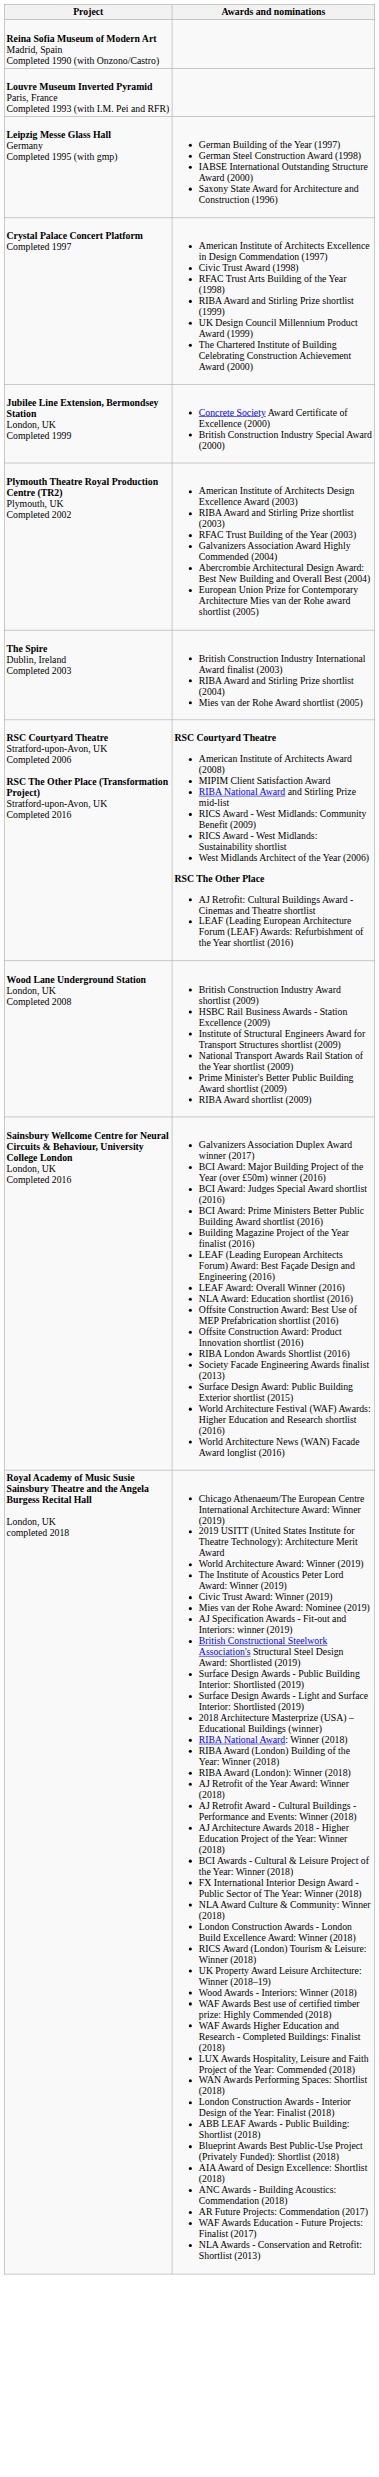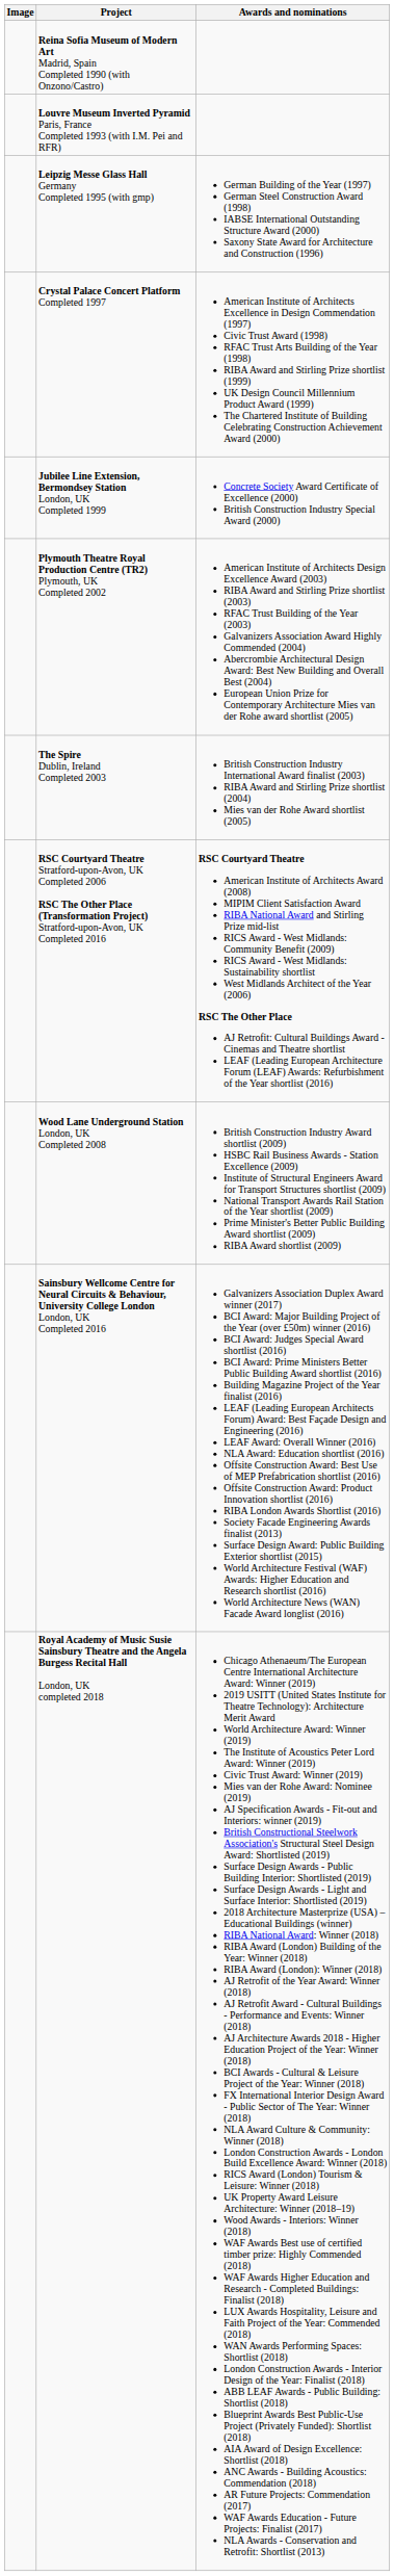 <table class=wikitable>
 <tr>
+<th>Image</th>
 <th>Project</th>
 <th>Awards and nominations</th>
 </tr>
 <tr valign=top>
+<td><br></td>
 <td><br><strong>Reina Sofia Museum of Modern Art</strong><br> Madrid, Spain<br> Completed 1990 (with Onzono/Castro)</td>
 <td></td>
 </tr>
 <tr valign=top>
+<td><br></td>
 <td><br><strong>Louvre Museum Inverted Pyramid</strong><br> Paris, France<br> Completed 1993 (with I.M. Pei and RFR)</td>
 <td></td>
 </tr>
 <tr valign=top>
+<td><br></td>
 <td><br><strong>Leipzig Messe Glass Hall</strong><br> Germany<br> Completed 1995 (with gmp)</td>
 <td><br><ul><li>German Building of the Year (1997)</li><li>German Steel Construction Award (1998)</li><li>IABSE International Outstanding Structure Award (2000)</li><li>Saxony State Award for Architecture and Construction (1996)</li></ul></td>
 </tr>
 <tr valign=top>
+<td><br></td>
 <td><br><strong>Crystal Palace Concert Platform</strong><br> Completed 1997</td>
 <td><br><ul><li>American Institute of Architects Excellence in Design Commendation (1997)</li><li>Civic Trust Award (1998)</li><li>RFAC Trust Arts Building of the Year (1998)</li><li>RIBA Award and Stirling Prize shortlist (1999)</li><li>UK Design Council Millennium Product Award (1999)</li><li>The Chartered Institute of Building Celebrating Construction Achievement Award (2000)</li></ul></td>
 </tr>
 <tr valign=top>
+<td></td>
 <td><br><strong>Jubilee Line Extension, Bermondsey Station</strong><br> London, UK<br> Completed 1999</td>
 <td><br><ul><li><a href='#'>Concrete Society</a> Award Certificate of Excellence (2000)</li><li>British Construction Industry Special Award (2000)</li></ul></td>
 </tr>
 <tr valign=top>
+<td></td>
 <td><br><strong>Plymouth Theatre Royal Production Centre (TR2)</strong><br> Plymouth, UK<br> Completed 2002</td>
 <td><br><ul><li>American Institute of Architects Design Excellence Award (2003)</li><li>RIBA Award and Stirling Prize shortlist (2003)</li><li>RFAC Trust Building of the Year (2003)</li><li>Galvanizers Association Award Highly Commended (2004)</li><li>Abercrombie Architectural Design Award: Best New Building and Overall Best (2004)</li><li>European Union Prize for Contemporary Architecture Mies van der Rohe award shortlist (2005)</li></ul></td>
 </tr>
 <tr valign=top>
+<td><br></td>
 <td><br><strong>The Spire</strong><br> Dublin, Ireland<br> Completed 2003</td>
 <td><br><ul><li>British Construction Industry International Award finalist (2003)</li><li>RIBA Award and Stirling Prize shortlist (2004)</li><li>Mies van der Rohe Award shortlist (2005)</li></ul></td>
 </tr>
 <tr valign=top>
+<td></td>
 <td><br><strong>RSC Courtyard Theatre</strong><br> Stratford-upon-Avon, UK<br> Completed 2006<br> <br> <strong>RSC The Other Place (Transformation Project)</strong><br> Stratford-upon-Avon, UK<br> Completed 2016</td>
 <td><br><strong>RSC Courtyard Theatre</strong><ul><li>American Institute of Architects Award (2008)</li><li>MIPIM Client Satisfaction Award</li><li><a href='#'>RIBA National Award</a> and Stirling Prize mid-list</li><li>RICS Award - West Midlands: Community Benefit (2009)</li><li>RICS Award - West Midlands: Sustainability shortlist</li><li>West Midlands Architect of the Year (2006)</li></ul><strong>RSC The Other Place</strong><ul><li>AJ Retrofit: Cultural Buildings Award - Cinemas and Theatre shortlist</li><li>LEAF (Leading European Architecture Forum (LEAF) Awards: Refurbishment of the Year shortlist (2016)</li></ul></td>
 </tr>
 <tr valign=top>
+<td><br></td>
 <td><br><strong>Wood Lane Underground Station</strong><br> London, UK<br> Completed 2008</td>
 <td><br><ul><li>British Construction Industry Award shortlist (2009)</li><li>HSBC Rail Business Awards - Station Excellence (2009)</li><li>Institute of Structural Engineers Award for Transport Structures shortlist (2009)</li><li>National Transport Awards Rail Station of the Year shortlist (2009)</li><li>Prime Minister's Better Public Building Award shortlist (2009)</li><li>RIBA Award shortlist (2009)</li></ul></td>
 </tr>
 <tr valign=top>
+<td><br></td>
 <td><br><strong>Sainsbury Wellcome Centre for Neural Circuits & Behaviour, University College London</strong><br> London, UK<br> Completed 2016</td>
 <td><br><ul><li>Galvanizers Association Duplex Award winner (2017)</li><li>BCI Award: Major Building Project of the Year (over £50m) winner (2016)</li><li>BCI Award: Judges Special Award shortlist (2016)</li><li>BCI Award: Prime Ministers Better Public Building Award shortlist (2016)</li><li>Building Magazine Project of the Year finalist (2016)</li><li>LEAF (Leading European Architects Forum) Award: Best Façade Design and Engineering (2016)</li><li>LEAF Award: Overall Winner (2016)</li><li>NLA Award: Education shortlist (2016)</li><li>Offsite Construction Award: Best Use of MEP Prefabrication shortlist (2016)</li><li>Offsite Construction Award: Product Innovation shortlist (2016)</li><li>RIBA London Awards Shortlist (2016)</li><li>Society Facade Engineering Awards finalist (2013)</li><li>Surface Design Award: Public Building Exterior shortlist (2015)</li><li>World Architecture Festival (WAF) Awards: Higher Education and Research shortlist (2016)</li><li>World Architecture News (WAN) Facade Award longlist (2016)</li></ul></td>
 </tr>
 <tr style="vertical-align: top;">
+<td></td>
 <td><strong>Royal Academy of Music Susie Sainsbury Theatre and the Angela Burgess Recital Hall</strong><br><br>London, UK<br> completed 2018</td>
 <td><br><ul><li>Chicago Athenaeum/The European Centre International Architecture Award: Winner (2019)</li><li>2019 USITT (United States Institute for Theatre Technology): Architecture Merit Award</li><li>World Architecture Award: Winner (2019)</li><li>The Institute of Acoustics Peter Lord Award: Winner (2019)</li><li>Civic Trust Award: Winner (2019)</li><li>Mies van der Rohe Award: Nominee (2019)</li><li>AJ Specification Awards - Fit-out and Interiors: winner (2019)</li><li><a href='#'>British Constructional Steelwork Association's</a> Structural Steel Design Award: Shortlisted (2019)</li><li>Surface Design Awards - Public Building Interior: Shortlisted (2019)</li><li>Surface Design Awards - Light and Surface Interior: Shortlisted (2019)</li><li>2018 Architecture Masterprize (USA) – Educational Buildings (winner)</li><li><a href='#'>RIBA National Award</a>: Winner (2018)</li><li>RIBA Award (London) Building of the Year: Winner (2018)</li><li>RIBA Award (London): Winner (2018)</li><li>AJ Retrofit of the Year Award: Winner (2018)</li><li>AJ Retrofit Award - Cultural Buildings - Performance and Events: Winner (2018)</li><li>AJ Architecture Awards 2018 - Higher Education Project of the Year: Winner (2018)</li><li>BCI Awards - Cultural & Leisure Project of the Year: Winner (2018)</li><li>FX International Interior Design Award - Public Sector of The Year: Winner (2018)</li><li>NLA Award Culture & Community: Winner (2018)</li><li>London Construction Awards - London Build Excellence Award: Winner (2018)</li><li>RICS Award (London) Tourism & Leisure: Winner (2018)</li><li>UK Property Award Leisure Architecture: Winner (2018–19)</li><li>Wood Awards - Interiors: Winner (2018)</li><li>WAF Awards Best use of certified timber prize: Highly Commended (2018)</li><li>WAF Awards Higher Education and Research - Completed Buildings: Finalist (2018)</li><li>LUX Awards Hospitality, Leisure and Faith Project of the Year: Commended (2018)</li><li>WAN Awards Performing Spaces: Shortlist (2018)</li><li>London Construction Awards - Interior Design of the Year: Finalist (2018)</li><li>ABB LEAF Awards - Public Building: Shortlist (2018)</li><li>Blueprint Awards Best Public-Use Project (Privately Funded): Shortlist (2018)</li><li>AIA Award of Design Excellence: Shortlist (2018)</li><li>ANC Awards - Building Acoustics: Commendation (2018)</li><li>AR Future Projects: Commendation (2017)</li><li>WAF Awards Education - Future Projects: Finalist (2017)</li><li>NLA Awards - Conservation and Retrofit: Shortlist (2013)</li></ul></td>
 </tr>
 </table>
